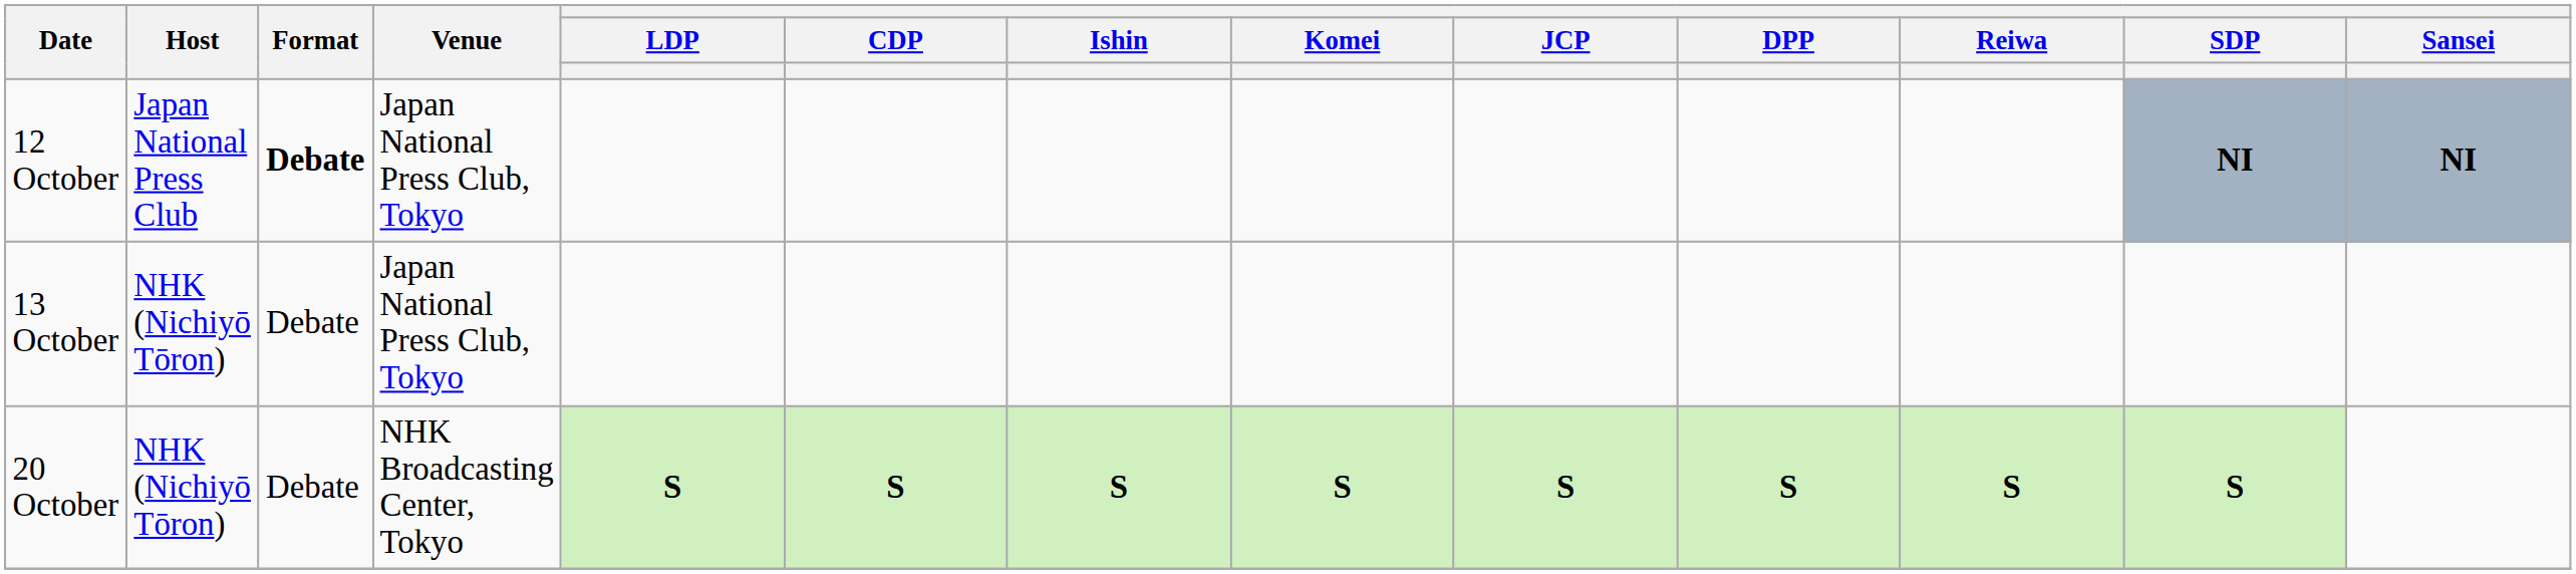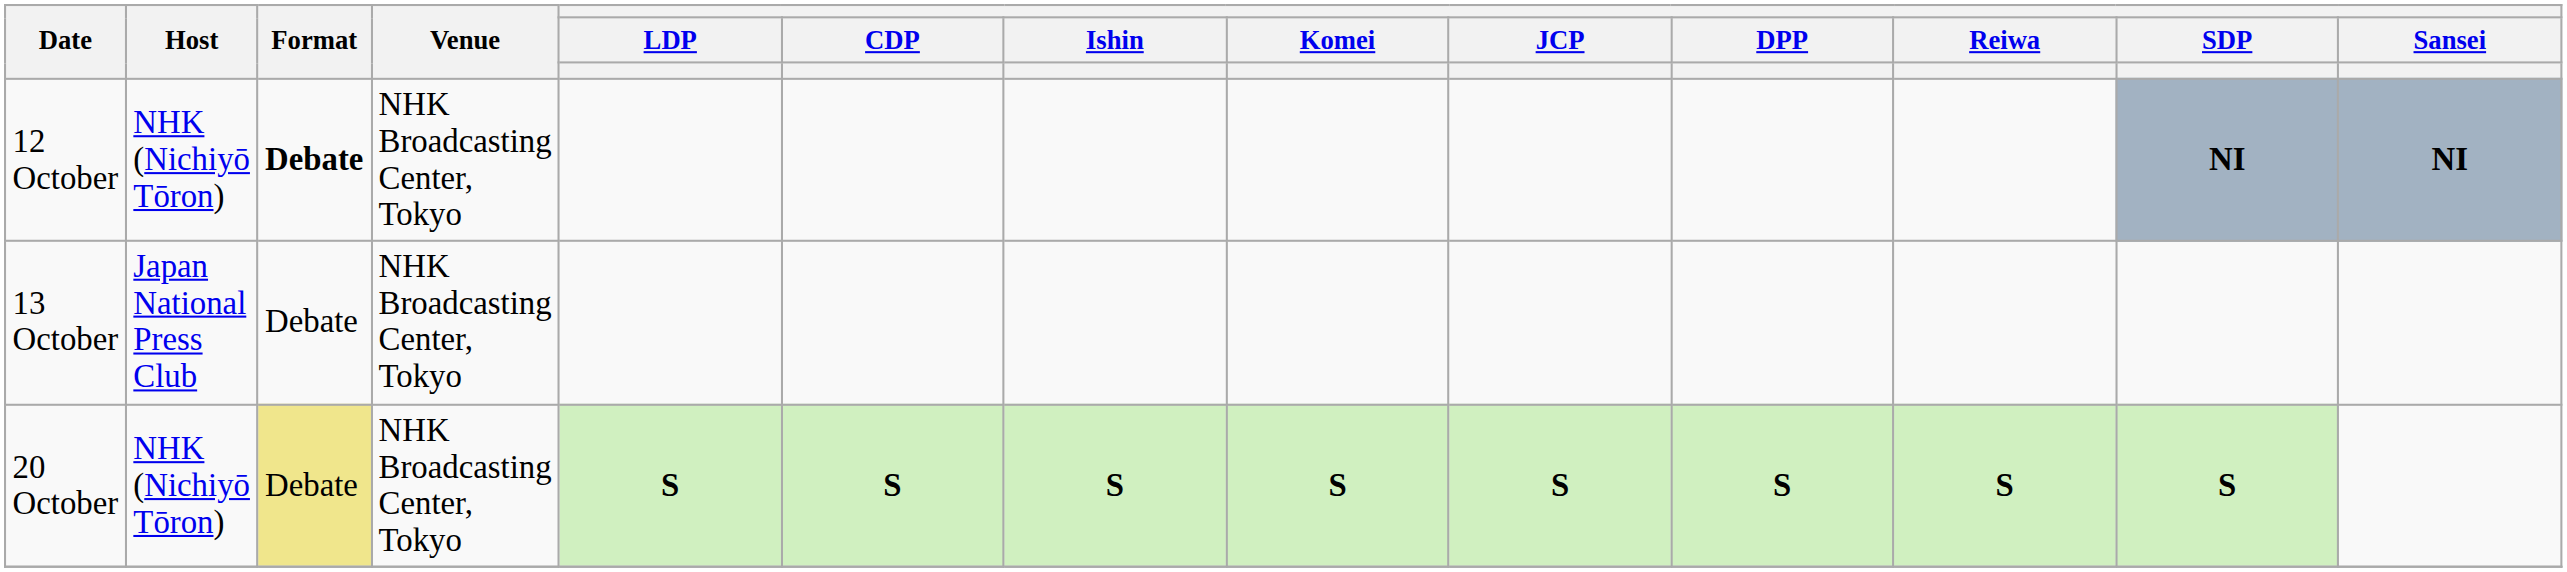 <table class="wikitable" style="text-justify: none">
 <tr style="font-size:small;">
 <th rowspan="3">Date</th>
 <th rowspan="3">Host</th>
 <th rowspan="3">Format</th>
 <th rowspan="3">Venue</th>
 <th colspan="13" scope="col"></th>
 </tr>
 <tr style="font-size:small;">
 <th scope="col"><a href='#'>LDP</a></th>
 <th scope="col"><a href='#'>CDP</a></th>
 <th scope="col"><a href='#'>Ishin</a></th>
 <th scope="col"><a href='#'>Komei</a></th>
 <th scope="col"><a href='#'>JCP</a></th>
 <th scope="col"><a href='#'>DPP</a></th>
 <th scope="col"><a href='#'>Reiwa</a></th>
 <th scope="col"><a href='#'>SDP</a></th>
 <th scope="col"><a href='#'>Sansei</a></th>
 </tr>
 <tr>
 <th style="width:6.5em; background:"></th>
 <th style="width:6.5em; background:"></th>
 <th style="width:6.5em; background:"></th>
 <th style="width:6.5em; background:"></th>
 <th style="width:6.5em; background:"></th>
 <th style="width:6.5em; background:"></th>
 <th style="width:6.5em; background:"></th>
 <th style="width:6.5em; background:"></th>
 <th style="width:6.5em; background:"></th>
 </tr>
 <tr>
 <td>12 October</td>
-<td><a href='#'>Japan National Press Club</a></td>
+<td><a href='#'>NHK</a> (<a href='#'>Nichiyō Tōron</a>)</td>
 <td><strong>Debate</strong></td>
-<td>Japan National Press Club, <a href='#'>Tokyo</a></td>
+<td>NHK Broadcasting Center, Tokyo</td>
 <td></td>
 <td></td>
 <td></td>
 <td></td>
 <td></td>
 <td></td>
 <td></td>
 <td style="background:#A2B2C2; color:black; text-align:center;"><strong>NI</strong></td>
 <td style="background:#A2B2C2; color:black; text-align:center;"><strong>NI</strong></td>
 </tr>
 <tr>
 <td>13 October</td>
-<td><a href='#'>NHK</a> (<a href='#'>Nichiyō Tōron</a>)</td>
+<td><a href='#'>Japan National Press Club</a></td>
 <td>Debate</td>
-<td>Japan National Press Club, <a href='#'>Tokyo</a></td>
+<td>NHK Broadcasting Center, Tokyo</td>
 <td></td>
 <td></td>
 <td></td>
 <td></td>
 <td></td>
 <td></td>
 <td></td>
 <td></td>
 <td></td>
 </tr>
 <tr>
 <td>20 October</td>
 <td><a href='#'>NHK</a> (<a href='#'>Nichiyō Tōron</a>)</td>
-<td>Debate</td>
+<td style="background: khaki;">Debate</td>
 <td>NHK Broadcasting Center, Tokyo</td>
 <td style="background:#D0F0C0; color:black; text-align:center;"><strong>S</strong><br></td>
 <td style="background:#D0F0C0; color:black; text-align:center;"><strong>S</strong><br></td>
 <td style="background:#D0F0C0; color:black; text-align:center;"><strong>S</strong><br></td>
 <td style="background:#D0F0C0; color:black; text-align:center;"><strong>S</strong><br></td>
 <td style="background:#D0F0C0; color:black; text-align:center;"><strong>S</strong><br></td>
 <td style="background:#D0F0C0; color:black; text-align:center;"><strong>S</strong><br></td>
 <td style="background:#D0F0C0; color:black; text-align:center;"><strong>S</strong><br></td>
 <td style="background:#D0F0C0; color:black; text-align:center;"><strong>S</strong><br></td>
 <td></td>
 </tr>
 <tr>
 </tr>
 </table>
